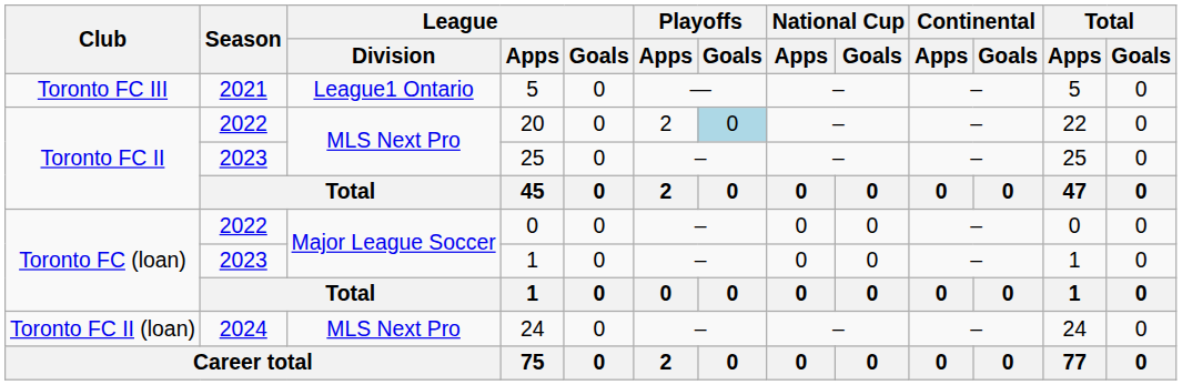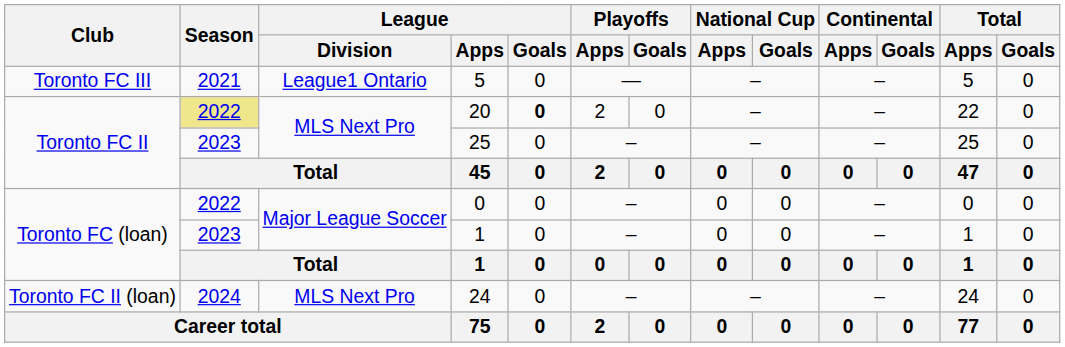 <table class="wikitable" style="text-align: center">
 <tr>
 <th rowspan="2">Club</th>
 <th rowspan="2">Season</th>
 <th colspan="3">League</th>
 <th colspan="2">Playoffs</th>
 <th colspan="2">National Cup</th>
 <th colspan="2">Continental</th>
 <th colspan="2">Total</th>
 </tr>
 <tr>
 <th>Division</th>
 <th>Apps</th>
 <th>Goals</th>
 <th>Apps</th>
 <th>Goals</th>
 <th>Apps</th>
 <th>Goals</th>
 <th>Apps</th>
 <th>Goals</th>
 <th>Apps</th>
 <th>Goals</th>
 </tr>
 <tr>
 <td><a href='#'>Toronto FC III</a></td>
 <td><a href='#'>2021</a></td>
 <td><a href='#'>League1 Ontario</a></td>
 <td>5</td>
 <td>0</td>
 <td colspan=2>—</td>
 <td colspan="2">–</td>
 <td colspan="2">–</td>
 <td>5</td>
 <td>0</td>
 </tr>
 <tr>
 <td rowspan=3><a href='#'>Toronto FC II</a></td>
-<td><a href='#'>2022</a></td>
+<td style="background: khaki;"><a href='#'>2022</a></td>
 <td rowspan=2><a href='#'>MLS Next Pro</a></td>
 <td>20</td>
+<td><strong>0</strong></td>
+<td>2</td>
 <td>0</td>
-<td>2</td>
-<td style="background: lightblue;">0</td>
 <td colspan="2">–</td>
 <td colspan="2">–</td>
 <td>22</td>
 <td>0</td>
 </tr>
 <tr>
 <td><a href='#'>2023</a></td>
 <td>25</td>
 <td>0</td>
 <td colspan="2">–</td>
 <td colspan="2">–</td>
 <td colspan="2">–</td>
 <td>25</td>
 <td>0</td>
 </tr>
 <tr>
 <th colspan="2"><strong>Total</strong></th>
 <th>45</th>
 <th>0</th>
 <th>2</th>
 <th>0</th>
 <th>0</th>
 <th>0</th>
 <th>0</th>
 <th>0</th>
 <th>47</th>
 <th>0</th>
 </tr>
 <tr>
 <td rowspan=3><a href='#'>Toronto FC</a> (loan)</td>
 <td><a href='#'>2022</a></td>
 <td rowspan=2><a href='#'>Major League Soccer</a></td>
 <td>0</td>
 <td>0</td>
 <td colspan="2">–</td>
 <td>0</td>
 <td>0</td>
 <td colspan="2">–</td>
 <td>0</td>
 <td>0</td>
 </tr>
 <tr>
 <td><a href='#'>2023</a></td>
 <td>1</td>
 <td>0</td>
 <td colspan="2">–</td>
 <td>0</td>
 <td>0</td>
 <td colspan="2">–</td>
 <td>1</td>
 <td>0</td>
 </tr>
 <tr>
 <th colspan="2"><strong>Total</strong></th>
 <th>1</th>
 <th>0</th>
 <th>0</th>
 <th>0</th>
 <th>0</th>
 <th>0</th>
 <th>0</th>
 <th>0</th>
 <th>1</th>
 <th>0</th>
 </tr>
 <tr>
 <td><a href='#'>Toronto FC II</a> (loan)</td>
 <td><a href='#'>2024</a></td>
 <td><a href='#'>MLS Next Pro</a></td>
 <td>24</td>
 <td>0</td>
 <td colspan="2">–</td>
 <td colspan="2">–</td>
 <td colspan="2">–</td>
 <td>24</td>
 <td>0</td>
 </tr>
 <tr>
 <th colspan="3">Career total</th>
 <th>75</th>
 <th>0</th>
 <th>2</th>
 <th>0</th>
 <th>0</th>
 <th>0</th>
 <th>0</th>
 <th>0</th>
 <th>77</th>
 <th>0</th>
 </tr>
 </table>
